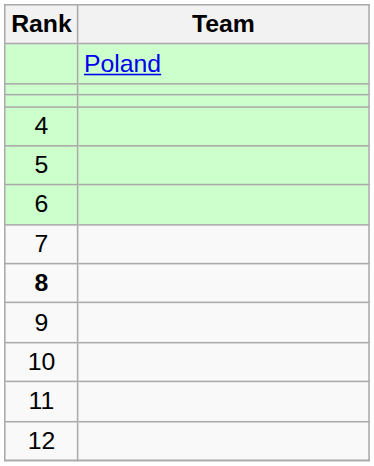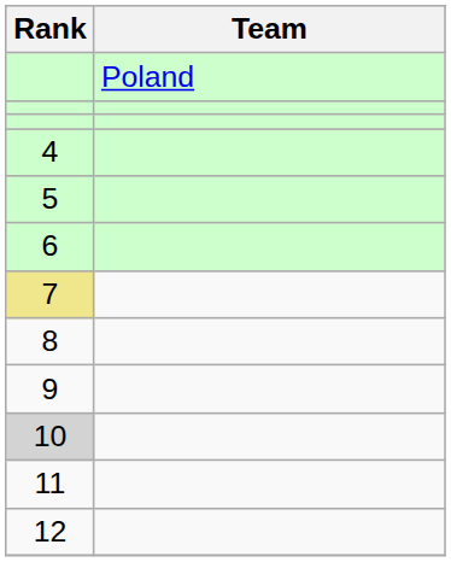 <table class="wikitable" style="text-align: center;">
 <tr>
 <th width=40>Rank</th>
 <th width=180>Team</th>
 </tr>
 <tr align=center bgcolor=#ccffcc>
 <td></td>
 <td align=left> <a href='#'>Poland</a></td>
 </tr>
 <tr align=center bgcolor=#ccffcc>
 <td></td>
 <td align=left></td>
 </tr>
 <tr align=center bgcolor=#ccffcc>
 <td></td>
 <td align=left></td>
 </tr>
 <tr align=center bgcolor=#ccffcc>
 <td>4</td>
 <td align=left></td>
 </tr>
 <tr align=center bgcolor=#ccffcc>
 <td>5</td>
 <td align=left></td>
 </tr>
 <tr align=center bgcolor=#ccffcc>
 <td>6</td>
 <td align=left></td>
 </tr>
 <tr>
-<td>7</td>
+<td style="background: khaki;">7</td>
 <td align=left></td>
 </tr>
 <tr>
-<td><strong>8</strong></td>
+<td>8</td>
 <td align=left></td>
 </tr>
 <tr>
 <td>9</td>
 <td align=left></td>
 </tr>
 <tr>
-<td>10</td>
+<td style="background: lightgrey;">10</td>
 <td align=left></td>
 </tr>
 <tr>
 <td>11</td>
 <td align=left></td>
 </tr>
 <tr>
 <td>12</td>
 <td align=left></td>
 </tr>
 <tr>
 </tr>
 </table>
